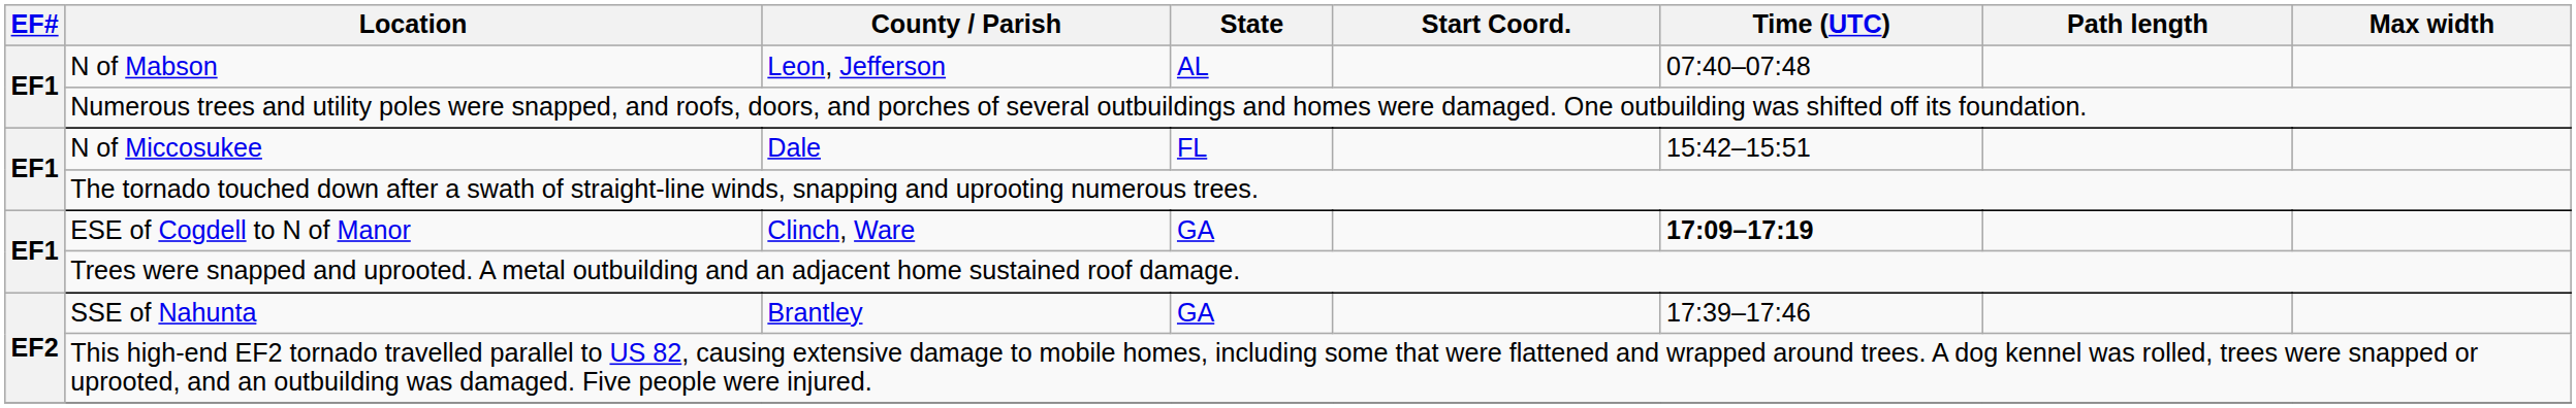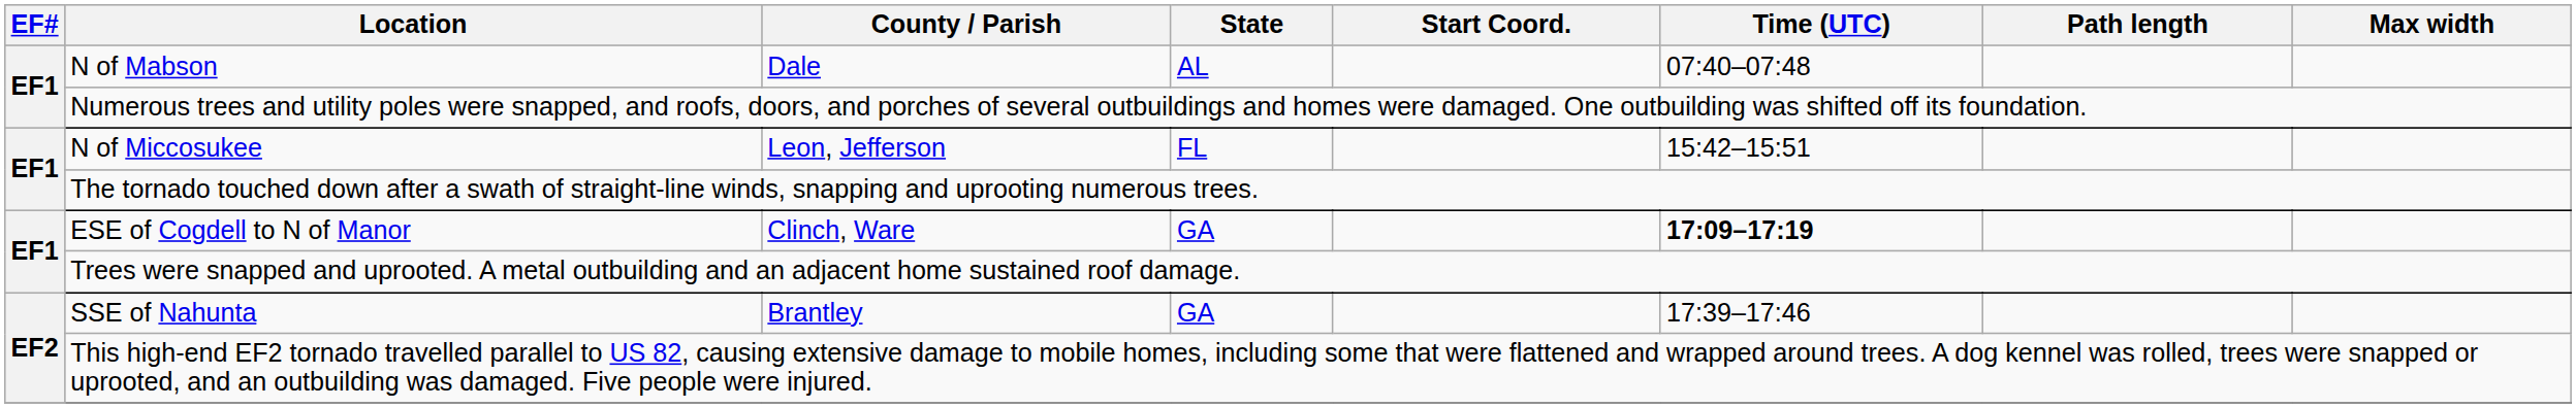 <table class="wikitable sortable" style="width:100%;">
 <tr>
 <th scope="col" width="2%" align="center"><a href='#'>EF#</a></th>
 <th scope="col" align="center" class="unsortable">Location</th>
 <th scope="col" align="center" class="unsortable">County / Parish</th>
 <th scope="col" align="center">State</th>
 <th scope="col" align="center">Start Coord.</th>
 <th scope="col" align="center">Time (<a href='#'>UTC</a>)</th>
 <th scope="col" align="center">Path length</th>
 <th scope="col" align="center">Max width</th>
 </tr>
 <tr>
 <th scope="row" rowspan="2" style="background-color:#">EF1</th>
 <td>N of <a href='#'>Mabson</a></td>
-<td><a href='#'>Leon</a>, <a href='#'>Jefferson</a></td>
+<td><a href='#'>Dale</a></td>
 <td><a href='#'>AL</a></td>
 <td></td>
 <td>07:40–07:48</td>
 <td></td>
 <td></td>
 </tr>
 <tr class="expand-child">
 <td colspan="8" style=" border-bottom: 1px solid black;">Numerous trees and utility poles were snapped, and roofs, doors, and porches of several outbuildings and homes were damaged. One outbuilding was shifted off its foundation.</td>
 </tr>
 <tr>
 <th scope="row" rowspan="2" style="background-color:#">EF1</th>
 <td>N of <a href='#'>Miccosukee</a></td>
-<td><a href='#'>Dale</a></td>
+<td><a href='#'>Leon</a>, <a href='#'>Jefferson</a></td>
 <td><a href='#'>FL</a></td>
 <td></td>
 <td>15:42–15:51</td>
 <td></td>
 <td></td>
 </tr>
 <tr class="expand-child">
 <td colspan="8" style=" border-bottom: 1px solid black;">The tornado touched down after a swath of straight-line winds, snapping and uprooting numerous trees.</td>
 </tr>
 <tr>
 <th scope="row" rowspan="2" style="background-color:#">EF1</th>
 <td>ESE of <a href='#'>Cogdell</a> to N of <a href='#'>Manor</a></td>
 <td><a href='#'>Clinch</a>, <a href='#'>Ware</a></td>
 <td><a href='#'>GA</a></td>
 <td></td>
 <td><strong>17:09–17:19</strong></td>
 <td></td>
 <td></td>
 </tr>
 <tr class="expand-child">
 <td colspan="8" style=" border-bottom: 1px solid black;">Trees were snapped and uprooted. A metal outbuilding and an adjacent home sustained roof damage.</td>
 </tr>
 <tr>
 <th scope="row" rowspan="2" style="background-color:#">EF2</th>
 <td>SSE of <a href='#'>Nahunta</a></td>
 <td><a href='#'>Brantley</a></td>
 <td><a href='#'>GA</a></td>
 <td></td>
 <td>17:39–17:46</td>
 <td></td>
 <td></td>
 </tr>
 <tr class="expand-child">
 <td colspan="8" style=" border-bottom: 1px solid black;">This high-end EF2 tornado travelled parallel to <a href='#'>US 82</a>, causing extensive damage to mobile homes, including some that were flattened and wrapped around trees. A dog kennel was rolled, trees were snapped or uprooted, and an outbuilding was damaged. Five people were injured.</td>
 </tr>
 <tr>
 </tr>
 </table>
